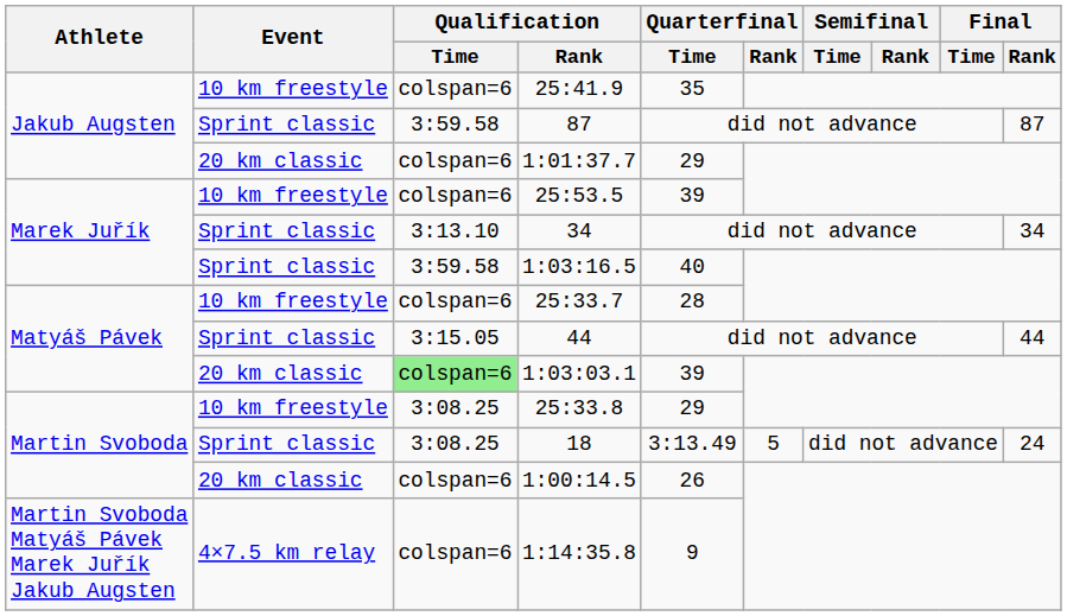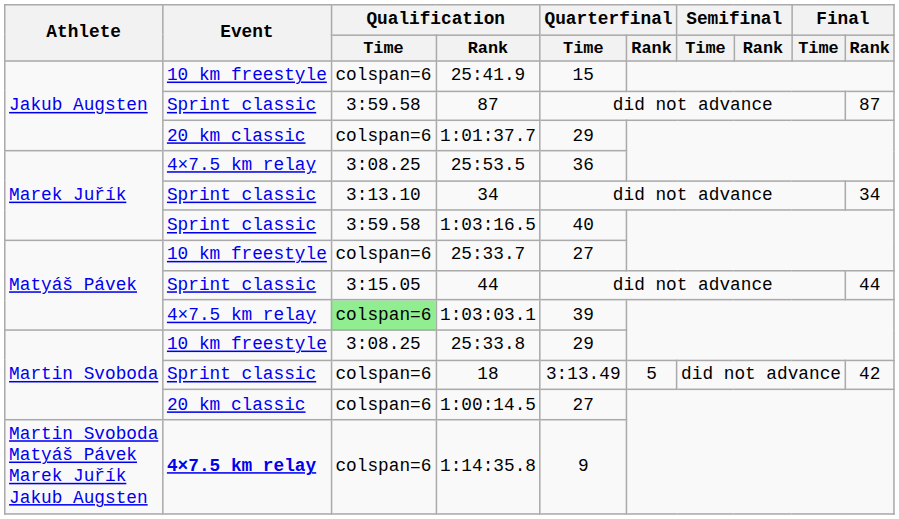 <table class="wikitable" style="font-size:90%">
 <tr>
 <th rowspan="2">Athlete</th>
 <th rowspan="2">Event</th>
 <th colspan="2">Qualification</th>
 <th colspan="2">Quarterfinal</th>
 <th colspan="2">Semifinal</th>
 <th colspan="2">Final</th>
 </tr>
 <tr style="font-size:95%">
 <th>Time</th>
 <th>Rank</th>
 <th>Time</th>
 <th>Rank</th>
 <th>Time</th>
 <th>Rank</th>
 <th>Time</th>
 <th>Rank</th>
 </tr>
 <tr align=center>
 <td rowspan="3" align="left"><a href='#'>Jakub Augsten</a></td>
 <td align=left><a href='#'>10 km freestyle</a></td>
 <td>colspan=6 </td>
 <td>25:41.9</td>
-<td>35</td>
+<td>15</td>
 </tr>
 <tr align=center>
 <td align=left><a href='#'>Sprint classic</a></td>
 <td>3:59.58</td>
 <td>87</td>
 <td colspan = 5>did not advance</td>
 <td>87</td>
 </tr>
 <tr align=center>
 <td align=left><a href='#'>20 km classic</a></td>
 <td>colspan=6</td>
 <td>1:01:37.7</td>
 <td>29</td>
 </tr>
 <tr align=center>
 <td rowspan="3" align="left"><a href='#'>Marek Juřík</a></td>
-<td align=left><a href='#'>10 km freestyle</a></td>
-<td>colspan=6 </td>
+<td align=left><a href='#'>4×7.5 km relay</a></td>
+<td>3:08.25</td>
 <td>25:53.5</td>
-<td>39</td>
+<td>36</td>
 </tr>
 <tr align=center>
 <td align=left><a href='#'>Sprint classic</a></td>
 <td>3:13.10</td>
 <td>34</td>
 <td colspan = 5>did not advance</td>
 <td>34</td>
 </tr>
 <tr align=center>
 <td align=left><a href='#'>Sprint classic</a></td>
 <td>3:59.58</td>
 <td>1:03:16.5</td>
 <td>40</td>
 </tr>
 <tr align=center>
 <td rowspan="3" align="left"><a href='#'>Matyáš Pávek</a></td>
 <td align=left><a href='#'>10 km freestyle</a></td>
 <td>colspan=6 </td>
 <td>25:33.7</td>
-<td>28</td>
+<td>27</td>
 </tr>
 <tr align=center>
 <td align=left><a href='#'>Sprint classic</a></td>
 <td>3:15.05</td>
 <td>44</td>
 <td colspan = 5>did not advance</td>
 <td>44</td>
 </tr>
 <tr align=center>
-<td align=left><a href='#'>20 km classic</a></td>
+<td align=left><a href='#'>4×7.5 km relay</a></td>
 <td style="background: lightgreen;">colspan=6</td>
 <td>1:03:03.1</td>
 <td>39</td>
 </tr>
 <tr align=center>
 <td rowspan="3" align="left"><a href='#'>Martin Svoboda</a></td>
 <td align=left><a href='#'>10 km freestyle</a></td>
 <td>3:08.25</td>
 <td>25:33.8</td>
 <td>29</td>
 </tr>
 <tr align=center>
 <td align=left><a href='#'>Sprint classic</a></td>
-<td>3:08.25</td>
+<td>colspan=6 </td>
 <td>18</td>
 <td>3:13.49</td>
 <td>5</td>
 <td colspan = "3">did not advance</td>
-<td>24</td>
+<td>42</td>
 </tr>
 <tr align=center>
 <td align=left><a href='#'>20 km classic</a></td>
 <td>colspan=6</td>
 <td>1:00:14.5</td>
-<td>26</td>
+<td>27</td>
 </tr>
 <tr align = center>
 <td align=left><a href='#'>Martin Svoboda</a><br><a href='#'>Matyáš Pávek</a><br><a href='#'>Marek Juřík</a><br><a href='#'>Jakub Augsten</a></td>
-<td align=left><a href='#'>4×7.5 km relay</a></td>
+<td align=left><strong><a href='#'>4×7.5 km relay</a></strong></td>
 <td>colspan=6</td>
 <td>1:14:35.8</td>
 <td>9</td>
 </tr>
 </table>
